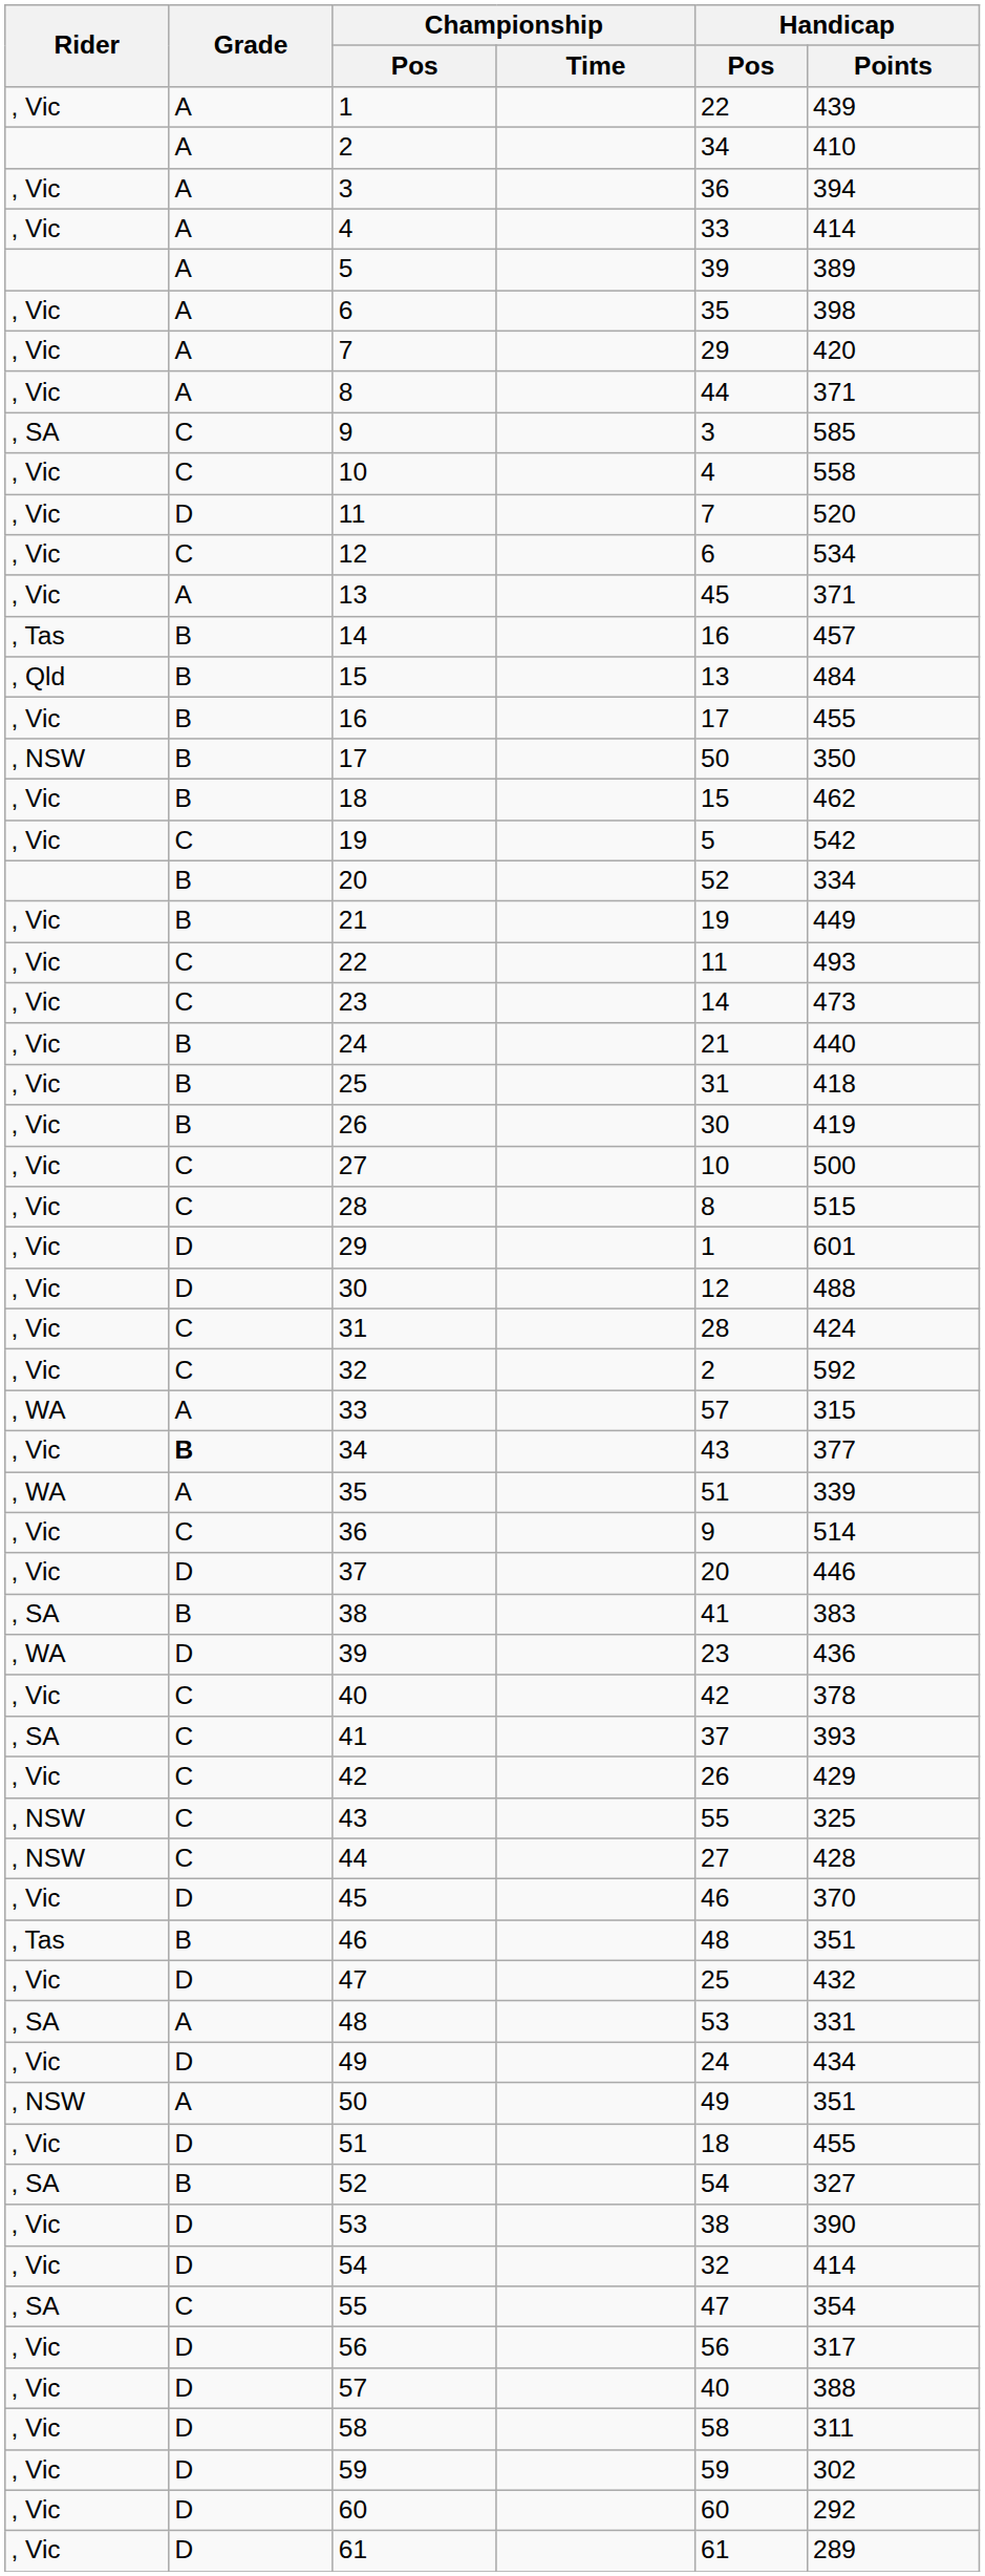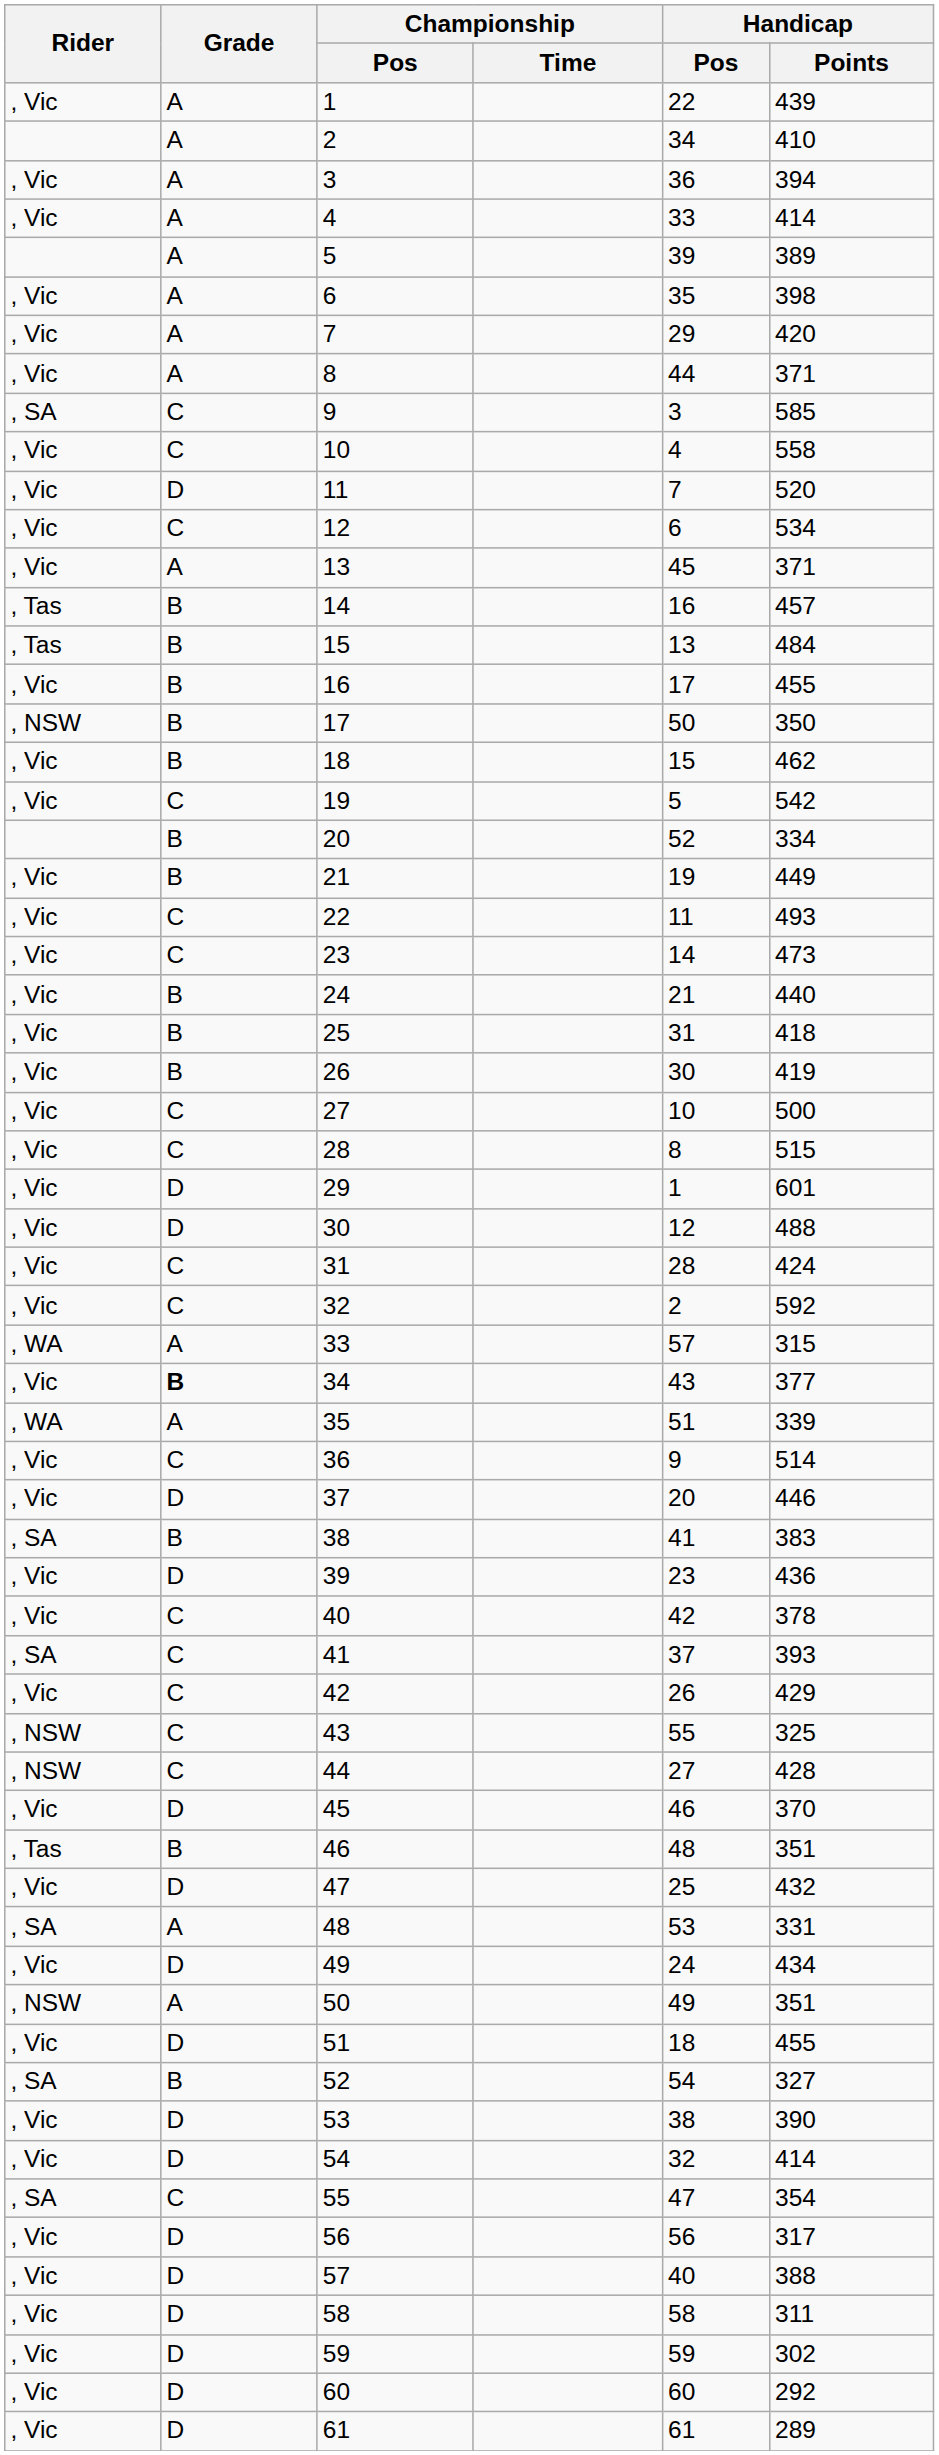 <table class="collapsible collapsed wikitable sortable" style="width:38em;margin-top:0;">
 <tr>
 <th rowspan="2">Rider</th>
 <th rowspan="2">Grade</th>
 <th colspan="2">Championship</th>
 <th colspan="2">Handicap</th>
 </tr>
 <tr>
 <th>Pos</th>
 <th>Time</th>
 <th>Pos</th>
 <th>Points</th>
 </tr>
 <tr>
 <td>, Vic</td>
 <td>A</td>
 <td>1</td>
 <td style=></td>
 <td>22</td>
 <td>439</td>
 </tr>
 <tr>
 <td></td>
 <td>A</td>
 <td>2</td>
 <td style=></td>
 <td>34</td>
 <td>410</td>
 </tr>
 <tr>
 <td>, Vic</td>
 <td>A</td>
 <td>3</td>
 <td style=></td>
 <td>36</td>
 <td>394</td>
 </tr>
 <tr>
 <td>, Vic</td>
 <td>A</td>
 <td>4</td>
 <td style=></td>
 <td>33</td>
 <td>414</td>
 </tr>
 <tr>
 <td></td>
 <td>A</td>
 <td>5</td>
 <td style=></td>
 <td>39</td>
 <td>389</td>
 </tr>
 <tr>
 <td>, Vic</td>
 <td>A</td>
 <td>6</td>
 <td style=></td>
 <td>35</td>
 <td>398</td>
 </tr>
 <tr>
 <td>, Vic</td>
 <td>A</td>
 <td>7</td>
 <td style=></td>
 <td>29</td>
 <td>420</td>
 </tr>
 <tr>
 <td>, Vic</td>
 <td>A</td>
 <td>8</td>
 <td style=></td>
 <td>44</td>
 <td>371</td>
 </tr>
 <tr>
 <td>, SA</td>
 <td>C</td>
 <td>9</td>
 <td style=></td>
 <td>3</td>
 <td>585</td>
 </tr>
 <tr>
 <td>, Vic</td>
 <td>C</td>
 <td>10</td>
 <td style=></td>
 <td>4</td>
 <td>558</td>
 </tr>
 <tr>
 <td>, Vic</td>
 <td>D</td>
 <td>11</td>
 <td style=></td>
 <td>7</td>
 <td>520</td>
 </tr>
 <tr>
 <td>, Vic</td>
 <td>C</td>
 <td>12</td>
 <td style=></td>
 <td>6</td>
 <td>534</td>
 </tr>
 <tr>
 <td>, Vic</td>
 <td>A</td>
 <td>13</td>
 <td style=></td>
 <td>45</td>
 <td>371</td>
 </tr>
 <tr>
 <td>, Tas</td>
 <td>B</td>
 <td>14</td>
 <td style=></td>
 <td>16</td>
 <td>457</td>
 </tr>
 <tr>
-<td>, Qld</td>
+<td>, Tas</td>
 <td>B</td>
 <td>15</td>
 <td style=></td>
 <td>13</td>
 <td>484</td>
 </tr>
 <tr>
 <td>, Vic</td>
 <td>B</td>
 <td>16</td>
 <td style=></td>
 <td>17</td>
 <td>455</td>
 </tr>
 <tr>
 <td>, NSW</td>
 <td>B</td>
 <td>17</td>
 <td style=></td>
 <td>50</td>
 <td>350</td>
 </tr>
 <tr>
 <td>, Vic</td>
 <td>B</td>
 <td>18</td>
 <td style=></td>
 <td>15</td>
 <td>462</td>
 </tr>
 <tr>
 <td>, Vic</td>
 <td>C</td>
 <td>19</td>
 <td style=></td>
 <td>5</td>
 <td>542</td>
 </tr>
 <tr>
 <td></td>
 <td>B</td>
 <td>20</td>
 <td style=></td>
 <td>52</td>
 <td>334</td>
 </tr>
 <tr>
 <td>, Vic</td>
 <td>B</td>
 <td>21</td>
 <td style=></td>
 <td>19</td>
 <td>449</td>
 </tr>
 <tr>
 <td>, Vic</td>
 <td>C</td>
 <td>22</td>
 <td style=></td>
 <td>11</td>
 <td>493</td>
 </tr>
 <tr>
 <td>, Vic</td>
 <td>C</td>
 <td>23</td>
 <td style=></td>
 <td>14</td>
 <td>473</td>
 </tr>
 <tr>
 <td>, Vic</td>
 <td>B</td>
 <td>24</td>
 <td style=></td>
 <td>21</td>
 <td>440</td>
 </tr>
 <tr>
 <td>, Vic</td>
 <td>B</td>
 <td>25</td>
 <td style=></td>
 <td>31</td>
 <td>418</td>
 </tr>
 <tr>
 <td>, Vic</td>
 <td>B</td>
 <td>26</td>
 <td style=></td>
 <td>30</td>
 <td>419</td>
 </tr>
 <tr>
 <td>, Vic</td>
 <td>C</td>
 <td>27</td>
 <td style=></td>
 <td>10</td>
 <td>500</td>
 </tr>
 <tr>
 <td>, Vic</td>
 <td>C</td>
 <td>28</td>
 <td style=></td>
 <td>8</td>
 <td>515</td>
 </tr>
 <tr>
 <td>, Vic</td>
 <td>D</td>
 <td>29</td>
 <td style=></td>
 <td>1</td>
 <td>601</td>
 </tr>
 <tr>
 <td>, Vic</td>
 <td>D</td>
 <td>30</td>
 <td style=></td>
 <td>12</td>
 <td>488</td>
 </tr>
 <tr>
 <td>, Vic</td>
 <td>C</td>
 <td>31</td>
 <td style=></td>
 <td>28</td>
 <td>424</td>
 </tr>
 <tr>
 <td>, Vic</td>
 <td>C</td>
 <td>32</td>
 <td style=></td>
 <td>2</td>
 <td>592</td>
 </tr>
 <tr>
 <td>, WA</td>
 <td>A</td>
 <td>33</td>
 <td style=></td>
 <td>57</td>
 <td>315</td>
 </tr>
 <tr>
 <td>, Vic</td>
 <td><strong>B</strong></td>
 <td>34</td>
 <td style=></td>
 <td>43</td>
 <td>377</td>
 </tr>
 <tr>
 <td>, WA</td>
 <td>A</td>
 <td>35</td>
 <td style=></td>
 <td>51</td>
 <td>339</td>
 </tr>
 <tr>
 <td>, Vic</td>
 <td>C</td>
 <td>36</td>
 <td style=></td>
 <td>9</td>
 <td>514</td>
 </tr>
 <tr>
 <td>, Vic</td>
 <td>D</td>
 <td>37</td>
 <td style=></td>
 <td>20</td>
 <td>446</td>
 </tr>
 <tr>
 <td>, SA</td>
 <td>B</td>
 <td>38</td>
 <td style=></td>
 <td>41</td>
 <td>383</td>
 </tr>
 <tr>
-<td>, WA</td>
+<td>, Vic</td>
 <td>D</td>
 <td>39</td>
 <td style=></td>
 <td>23</td>
 <td>436</td>
 </tr>
 <tr>
 <td>, Vic</td>
 <td>C</td>
 <td>40</td>
 <td style=></td>
 <td>42</td>
 <td>378</td>
 </tr>
 <tr>
 <td>, SA</td>
 <td>C</td>
 <td>41</td>
 <td style=></td>
 <td>37</td>
 <td>393</td>
 </tr>
 <tr>
 <td>, Vic</td>
 <td>C</td>
 <td>42</td>
 <td style=></td>
 <td>26</td>
 <td>429</td>
 </tr>
 <tr>
 <td>, NSW</td>
 <td>C</td>
 <td>43</td>
 <td style=></td>
 <td>55</td>
 <td>325</td>
 </tr>
 <tr>
 <td>, NSW</td>
 <td>C</td>
 <td>44</td>
 <td style=></td>
 <td>27</td>
 <td>428</td>
 </tr>
 <tr>
 <td>, Vic</td>
 <td>D</td>
 <td>45</td>
 <td style=></td>
 <td>46</td>
 <td>370</td>
 </tr>
 <tr>
 <td>, Tas</td>
 <td>B</td>
 <td>46</td>
 <td style=></td>
 <td>48</td>
 <td>351</td>
 </tr>
 <tr>
 <td>, Vic</td>
 <td>D</td>
 <td>47</td>
 <td style=></td>
 <td>25</td>
 <td>432</td>
 </tr>
 <tr>
 <td>, SA</td>
 <td>A</td>
 <td>48</td>
 <td style=></td>
 <td>53</td>
 <td>331</td>
 </tr>
 <tr>
 <td>, Vic</td>
 <td>D</td>
 <td>49</td>
 <td style=></td>
 <td>24</td>
 <td>434</td>
 </tr>
 <tr>
 <td>, NSW</td>
 <td>A</td>
 <td>50</td>
 <td style=></td>
 <td>49</td>
 <td>351</td>
 </tr>
 <tr>
 <td>, Vic</td>
 <td>D</td>
 <td>51</td>
 <td style=></td>
 <td>18</td>
 <td>455</td>
 </tr>
 <tr>
 <td>, SA</td>
 <td>B</td>
 <td>52</td>
 <td style=></td>
 <td>54</td>
 <td>327</td>
 </tr>
 <tr>
 <td>, Vic</td>
 <td>D</td>
 <td>53</td>
 <td style=></td>
 <td>38</td>
 <td>390</td>
 </tr>
 <tr>
 <td>, Vic</td>
 <td>D</td>
 <td>54</td>
 <td style=></td>
 <td>32</td>
 <td>414</td>
 </tr>
 <tr>
 <td>, SA</td>
 <td>C</td>
 <td>55</td>
 <td style=></td>
 <td>47</td>
 <td>354</td>
 </tr>
 <tr>
 <td>, Vic</td>
 <td>D</td>
 <td>56</td>
 <td style=></td>
 <td>56</td>
 <td>317</td>
 </tr>
 <tr>
 <td>, Vic</td>
 <td>D</td>
 <td>57</td>
 <td style=></td>
 <td>40</td>
 <td>388</td>
 </tr>
 <tr>
 <td>, Vic</td>
 <td>D</td>
 <td>58</td>
 <td style=></td>
 <td>58</td>
 <td>311</td>
 </tr>
 <tr>
 <td>, Vic</td>
 <td>D</td>
 <td>59</td>
 <td style=></td>
 <td>59</td>
 <td>302</td>
 </tr>
 <tr>
 <td>, Vic</td>
 <td>D</td>
 <td>60</td>
 <td style=></td>
 <td>60</td>
 <td>292</td>
 </tr>
 <tr>
 <td>, Vic</td>
 <td>D</td>
 <td>61</td>
 <td style=></td>
 <td>61</td>
 <td>289</td>
 </tr>
 <tr>
 </tr>
 </table>
